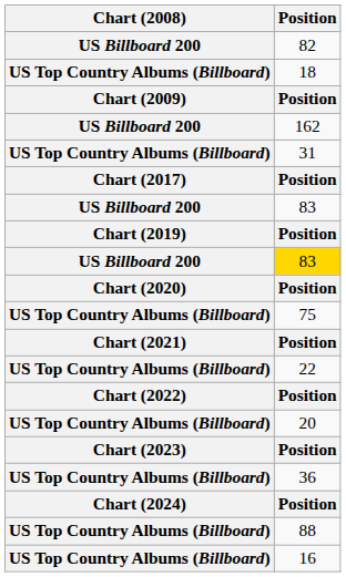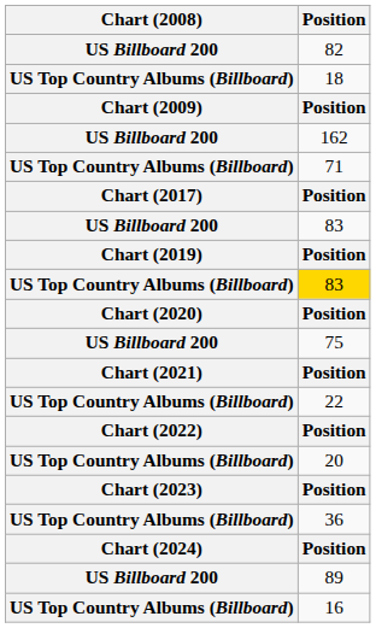 <table class="wikitable plainrowheaders" style="text-align:center">
 <tr>
 <th scope="col">Chart (2008)</th>
 <th scope="col">Position</th>
 </tr>
 <tr>
 <th scope="row">US <em>Billboard</em> 200</th>
 <td>82</td>
 </tr>
 <tr>
 <th scope="row">US Top Country Albums (<em>Billboard</em>)</th>
 <td>18</td>
 </tr>
 <tr>
 <th scope="col">Chart (2009)</th>
 <th scope="col">Position</th>
 </tr>
 <tr>
 <th scope="row">US <em>Billboard</em> 200</th>
 <td>162</td>
 </tr>
 <tr>
 <th scope="row">US Top Country Albums (<em>Billboard</em>)</th>
-<td>31</td>
+<td>71</td>
 </tr>
 <tr>
 <th scope="col">Chart (2017)</th>
 <th scope="col">Position</th>
 </tr>
 <tr>
 <th scope="row">US <em>Billboard</em> 200</th>
 <td>83</td>
 </tr>
 <tr>
 <th scope="col">Chart (2019)</th>
 <th scope="col">Position</th>
 </tr>
 <tr>
-<th scope="row">US <em>Billboard</em> 200</th>
+<th scope="row">US Top Country Albums (<em>Billboard</em>)</th>
 <td style="background: gold;">83</td>
 </tr>
 <tr>
 <th scope="col">Chart (2020)</th>
 <th scope="col">Position</th>
 </tr>
 <tr>
-<th scope="row">US Top Country Albums (<em>Billboard</em>)</th>
+<th scope="row">US <em>Billboard</em> 200</th>
 <td>75</td>
 </tr>
 <tr>
 <th scope="col">Chart (2021)</th>
 <th scope="col">Position</th>
 </tr>
 <tr>
 <th scope="row">US Top Country Albums (<em>Billboard</em>)</th>
 <td>22</td>
 </tr>
 <tr>
 <th scope="col">Chart (2022)</th>
 <th scope="col">Position</th>
 </tr>
 <tr>
 <th scope="row">US Top Country Albums (<em>Billboard</em>)</th>
 <td>20</td>
 </tr>
 <tr>
 <th scope="col">Chart (2023)</th>
 <th scope="col">Position</th>
 </tr>
 <tr>
 <th scope="row">US Top Country Albums (<em>Billboard</em>)</th>
 <td>36</td>
 </tr>
 <tr>
 <th scope="col">Chart (2024)</th>
 <th scope="col">Position</th>
 </tr>
 <tr>
-<th scope="row">US Top Country Albums (<em>Billboard</em>)</th>
-<td>88</td>
+<th scope="row">US <em>Billboard</em> 200</th>
+<td>89</td>
 </tr>
 <tr>
 <th scope="row">US Top Country Albums (<em>Billboard</em>)</th>
 <td>16</td>
 </tr>
 </table>
